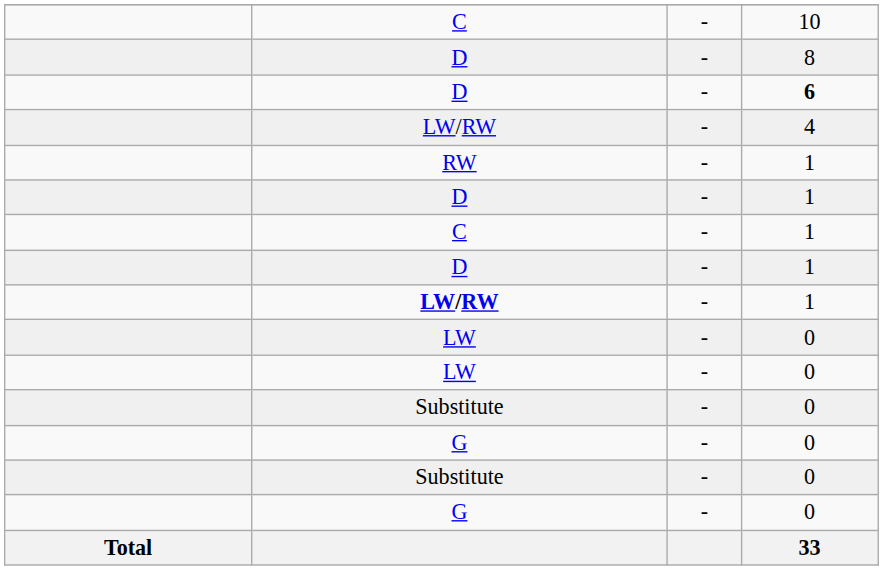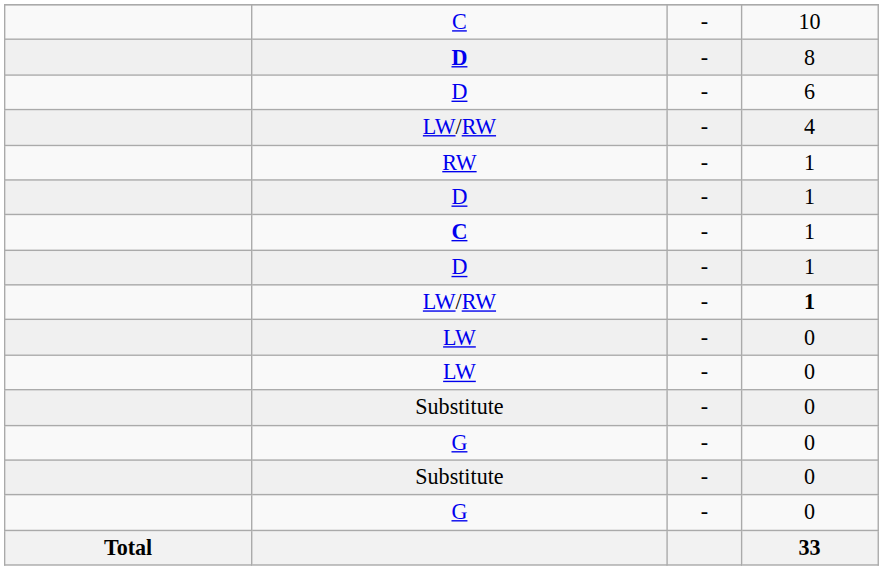 <table class="wikitable sortable" width ="40%">
 <tr align="center">
 </tr>
 <tr align="center" bgcolor="">
 <td></td>
 <td><a href='#'>C</a></td>
 <td>-</td>
 <td>10</td>
 </tr>
 <tr align="center" bgcolor="f0f0f0">
 <td></td>
-<td><a href='#'>D</a></td>
+<td><strong><a href='#'>D</a></strong></td>
 <td>-</td>
 <td>8</td>
 </tr>
 <tr align="center" bgcolor="">
 <td></td>
 <td><a href='#'>D</a></td>
 <td>-</td>
-<td><strong>6</strong></td>
+<td>6</td>
 </tr>
 <tr align="center" bgcolor="f0f0f0">
 <td></td>
 <td><a href='#'>LW</a>/<a href='#'>RW</a></td>
 <td>-</td>
 <td>4</td>
 </tr>
 <tr align="center" bgcolor="">
 <td></td>
 <td><a href='#'>RW</a></td>
 <td>-</td>
 <td>1</td>
 </tr>
 <tr align="center" bgcolor="f0f0f0">
 <td></td>
 <td><a href='#'>D</a></td>
 <td>-</td>
 <td>1</td>
 </tr>
 <tr align="center" bgcolor="">
 <td></td>
-<td><a href='#'>C</a></td>
+<td><strong><a href='#'>C</a></strong></td>
 <td>-</td>
 <td>1</td>
 </tr>
 <tr align="center" bgcolor="f0f0f0">
 <td></td>
 <td><a href='#'>D</a></td>
 <td>-</td>
 <td>1</td>
 </tr>
 <tr align="center" bgcolor="">
 <td></td>
-<td><strong><a href='#'>LW</a>/<a href='#'>RW</a></strong></td>
+<td><a href='#'>LW</a>/<a href='#'>RW</a></td>
 <td>-</td>
-<td>1</td>
+<td><strong>1</strong></td>
 </tr>
 <tr align="center" bgcolor="f0f0f0">
 <td></td>
 <td><a href='#'>LW</a></td>
 <td>-</td>
 <td>0</td>
 </tr>
 <tr align="center" bgcolor="">
 <td></td>
 <td><a href='#'>LW</a></td>
 <td>-</td>
 <td>0</td>
 </tr>
 <tr align="center" bgcolor="f0f0f0">
 <td></td>
 <td>Substitute</td>
 <td>-</td>
 <td>0</td>
 </tr>
 <tr align="center" bgcolor="">
 <td></td>
 <td><a href='#'>G</a></td>
 <td>-</td>
 <td>0</td>
 </tr>
 <tr align="center" bgcolor="f0f0f0">
 <td></td>
 <td>Substitute</td>
 <td>-</td>
 <td>0</td>
 </tr>
 <tr align="center" bgcolor="">
 <td></td>
 <td><a href='#'>G</a></td>
 <td>-</td>
 <td>0</td>
 </tr>
 <tr>
 <th>Total</th>
 <th></th>
 <th></th>
 <th>33</th>
 </tr>
 </table>
